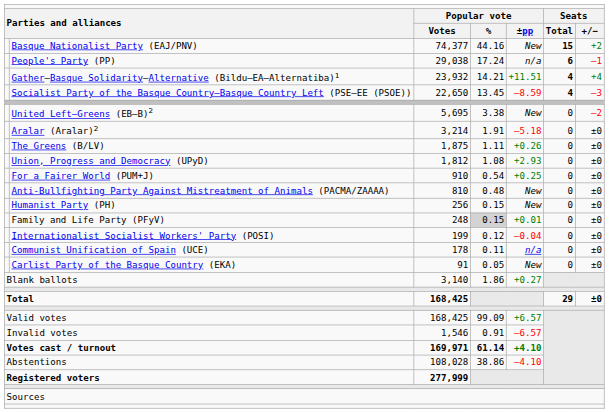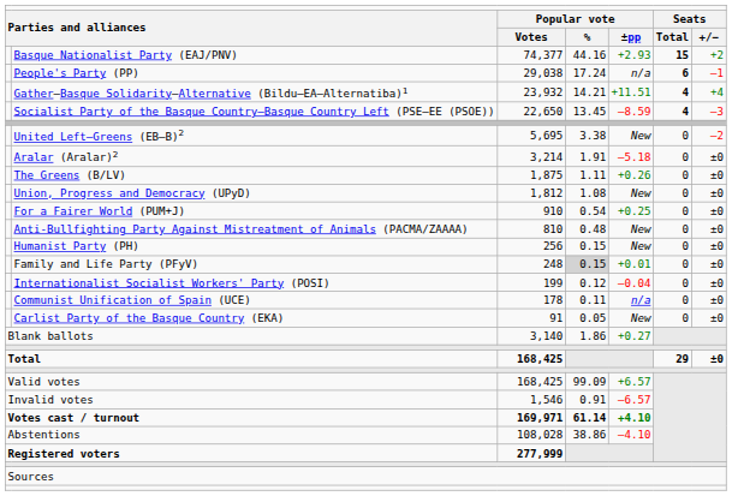 <table class="wikitable" style="text-align:right;">
 <tr>
 <td colspan="7"></td>
 </tr>
 <tr>
 <th style="text-align:left;" rowspan="2" colspan="2" width="525">Parties and alliances</th>
 <th colspan="3">Popular vote</th>
 <th colspan="2">Seats</th>
 </tr>
 <tr>
 <th width="75">Votes</th>
 <th width="45">%</th>
 <th width="45">±<a href='#'>pp</a></th>
 <th width="35">Total</th>
 <th width="35">+/−</th>
 </tr>
 <tr>
 <td width="1" style="color:inherit;background:"></td>
 <td align="left"><a href='#'>Basque Nationalist Party</a> (EAJ/PNV)</td>
 <td>74,377</td>
 <td>44.16</td>
-<td><em>New</em></td>
+<td style="color:green;">+2.93</td>
 <td><strong>15</strong></td>
 <td style="color:green;">+2</td>
 </tr>
 <tr>
 <td style="color:inherit;background:"></td>
 <td align="left"><a href='#'>People's Party</a> (PP)</td>
 <td>29,038</td>
 <td>17.24</td>
 <td><em>n/a</em></td>
 <td><strong>6</strong></td>
 <td style="color:red;">–1</td>
 </tr>
 <tr>
 <td style="color:inherit;background:"></td>
 <td align="left"><a href='#'>Gather</a>–<a href='#'>Basque Solidarity</a>–<a href='#'>Alternative</a> (Bildu–EA–Alternatiba)<sup>1</sup></td>
 <td>23,932</td>
 <td>14.21</td>
 <td style="color:green;">+11.51</td>
 <td><strong>4</strong></td>
 <td style="color:green;">+4</td>
 </tr>
 <tr>
 <td style="color:inherit;background:"></td>
 <td align="left"><a href='#'>Socialist Party of the Basque Country–Basque Country Left</a> (PSE–EE (PSOE))</td>
 <td>22,650</td>
 <td>13.45</td>
 <td style="color:red;">–8.59</td>
 <td><strong>4</strong></td>
 <td style="color:red;">–3</td>
 </tr>
 <tr>
 <td colspan="7" bgcolor="#C0C0C0"></td>
 </tr>
 <tr>
 <td style="color:inherit;background:"></td>
 <td align="left"><a href='#'>United Left–Greens</a> (EB–B)<sup>2</sup></td>
 <td>5,695</td>
 <td>3.38</td>
 <td><em>New</em></td>
 <td>0</td>
 <td style="color:red;">–2</td>
 </tr>
 <tr>
 <td style="color:inherit;background:"></td>
 <td align="left"><a href='#'>Aralar</a> (Aralar)<sup>2</sup></td>
 <td>3,214</td>
 <td>1.91</td>
 <td style="color:red;">–5.18</td>
 <td>0</td>
 <td>±0</td>
 </tr>
 <tr>
 <td style="color:inherit;background:"></td>
 <td align="left"><a href='#'>The Greens</a> (B/LV)</td>
 <td>1,875</td>
 <td>1.11</td>
 <td style="color:green;">+0.26</td>
 <td>0</td>
 <td>±0</td>
 </tr>
 <tr>
 <td style="color:inherit;background:"></td>
 <td align="left"><a href='#'>Union, Progress and Democracy</a> (UPyD)</td>
 <td>1,812</td>
 <td>1.08</td>
-<td style="color:green;">+2.93</td>
+<td><em>New</em></td>
 <td>0</td>
 <td>±0</td>
 </tr>
 <tr>
 <td style="color:inherit;background:"></td>
 <td align="left"><a href='#'>For a Fairer World</a> (PUM+J)</td>
 <td>910</td>
 <td>0.54</td>
 <td style="color:green;">+0.25</td>
 <td>0</td>
 <td>±0</td>
 </tr>
 <tr>
 <td style="color:inherit;background:"></td>
 <td align="left"><a href='#'>Anti-Bullfighting Party Against Mistreatment of Animals</a> (PACMA/ZAAAA)</td>
 <td>810</td>
 <td>0.48</td>
 <td><em>New</em></td>
 <td>0</td>
 <td>±0</td>
 </tr>
 <tr>
 <td style="color:inherit;background:"></td>
 <td align="left"><a href='#'>Humanist Party</a> (PH)</td>
 <td>256</td>
 <td>0.15</td>
 <td><em>New</em></td>
 <td>0</td>
 <td>±0</td>
 </tr>
 <tr>
 <td style="color:inherit;background:"></td>
 <td align="left">Family and Life Party (PFyV)</td>
 <td>248</td>
 <td style="background: lightgrey;">0.15</td>
 <td style="color:green;">+0.01</td>
 <td>0</td>
 <td>±0</td>
 </tr>
 <tr>
 <td style="color:inherit;background:"></td>
 <td align="left"><a href='#'>Internationalist Socialist Workers' Party</a> (POSI)</td>
 <td>199</td>
 <td>0.12</td>
 <td style="color:red;">–0.04</td>
 <td>0</td>
 <td>±0</td>
 </tr>
 <tr>
 <td style="color:inherit;background:"></td>
 <td align="left"><a href='#'>Communist Unification of Spain</a> (UCE)</td>
 <td>178</td>
 <td>0.11</td>
 <td><em><a href='#'>n/a</a></em></td>
 <td>0</td>
 <td>±0</td>
 </tr>
 <tr>
 <td style="color:inherit;background:"></td>
 <td align="left"><a href='#'>Carlist Party of the Basque Country</a> (EKA)</td>
 <td>91</td>
 <td>0.05</td>
 <td><em>New</em></td>
 <td>0</td>
 <td>±0</td>
 </tr>
 <tr>
 <td align="left" colspan="2">Blank ballots</td>
 <td>3,140</td>
 <td>1.86</td>
 <td style="color:green;">+0.27</td>
 <td bgcolor="#E9E9E9" colspan="2"></td>
 </tr>
 <tr>
 <td colspan="7" bgcolor="#E9E9E9"></td>
 </tr>
 <tr style="font-weight:bold;">
 <td align="left" colspan="2">Total</td>
 <td>168,425</td>
 <td bgcolor="#E9E9E9" colspan="2"></td>
 <td>29</td>
 <td>±0</td>
 </tr>
 <tr>
 <td colspan="7" bgcolor="#E9E9E9"></td>
 </tr>
 <tr>
 <td align="left" colspan="2">Valid votes</td>
 <td>168,425</td>
 <td>99.09</td>
 <td style="color:green;">+6.57</td>
 <td bgcolor="#E9E9E9" colspan="2" rowspan="5"></td>
 </tr>
 <tr>
 <td align="left" colspan="2">Invalid votes</td>
 <td>1,546</td>
 <td>0.91</td>
 <td style="color:red;">–6.57</td>
 </tr>
 <tr style="font-weight:bold;">
 <td align="left" colspan="2">Votes cast / turnout</td>
 <td>169,971</td>
 <td>61.14</td>
 <td style="color:green;">+4.10</td>
 </tr>
 <tr>
 <td align="left" colspan="2">Abstentions</td>
 <td>108,028</td>
 <td>38.86</td>
 <td style="color:red;">–4.10</td>
 </tr>
 <tr style="font-weight:bold;">
 <td align="left" colspan="2">Registered voters</td>
 <td>277,999</td>
 <td bgcolor="#E9E9E9" colspan="2"></td>
 </tr>
 <tr>
 <td colspan="7" bgcolor="#E9E9E9"></td>
 </tr>
 <tr>
 <td align="left" colspan="7">Sources</td>
 </tr>
 <tr>
 <td colspan="7" style="text-align:left; max-width:790px;"></td>
 </tr>
 </table>
